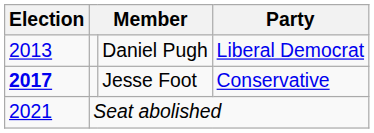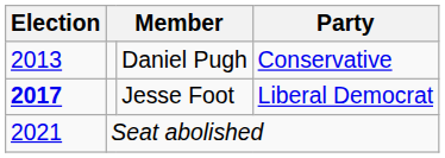 <table class="wikitable">
 <tr>
 <th>Election</th>
 <th colspan="2">Member</th>
 <th>Party</th>
 </tr>
 <tr>
 <td><a href='#'>2013</a></td>
 <td rowspan="1" style="background-color: "></td>
 <td rowspan="1">Daniel Pugh</td>
-<td rowspan="1"><a href='#'>Liberal Democrat</a></td>
+<td rowspan="1"><a href='#'>Conservative</a></td>
 </tr>
 <tr>
 <td><strong><a href='#'>2017</a></strong></td>
 <td rowspan="1" style="background-color: "></td>
 <td rowspan="1">Jesse Foot</td>
-<td rowspan="1"><a href='#'>Conservative</a></td>
+<td rowspan="1"><a href='#'>Liberal Democrat</a></td>
 </tr>
 <tr>
 <td><a href='#'>2021</a></td>
 <td colspan="3"><em>Seat abolished</em></td>
 </tr>
 </table>
